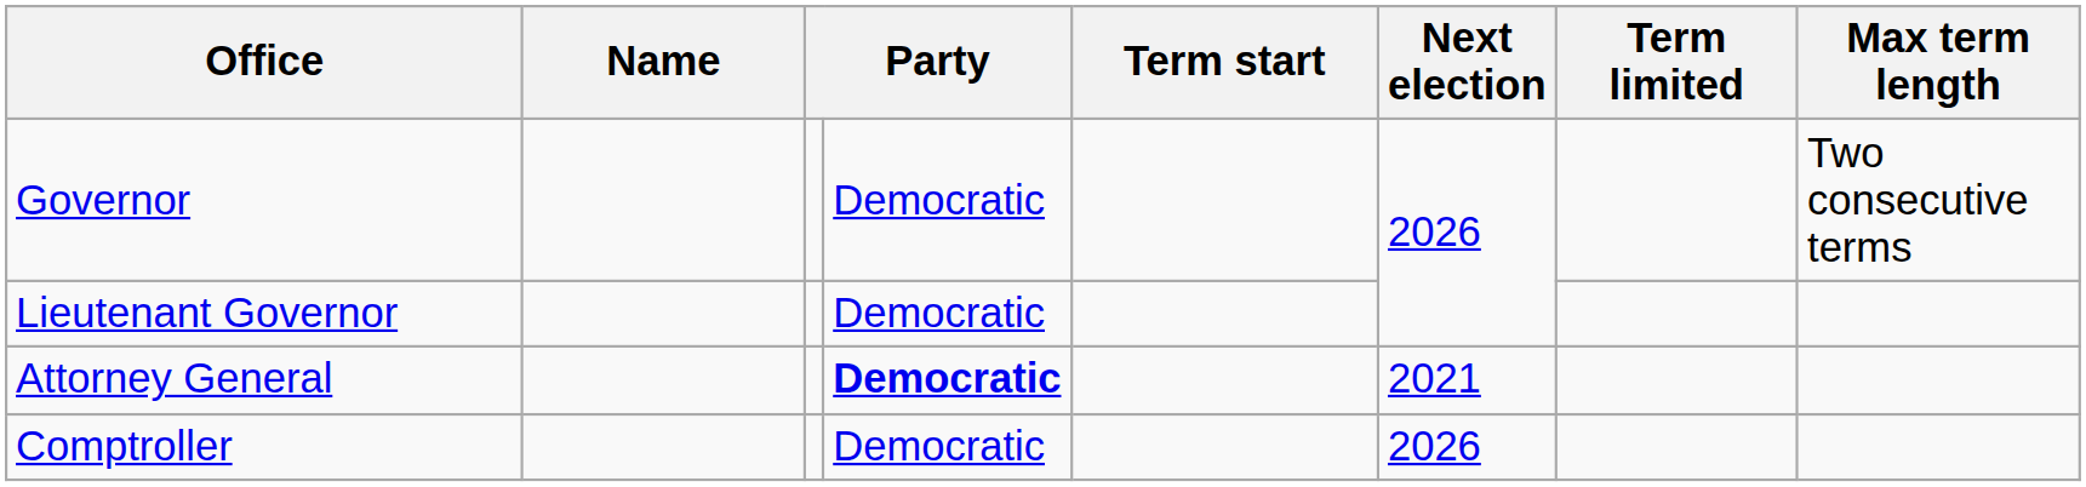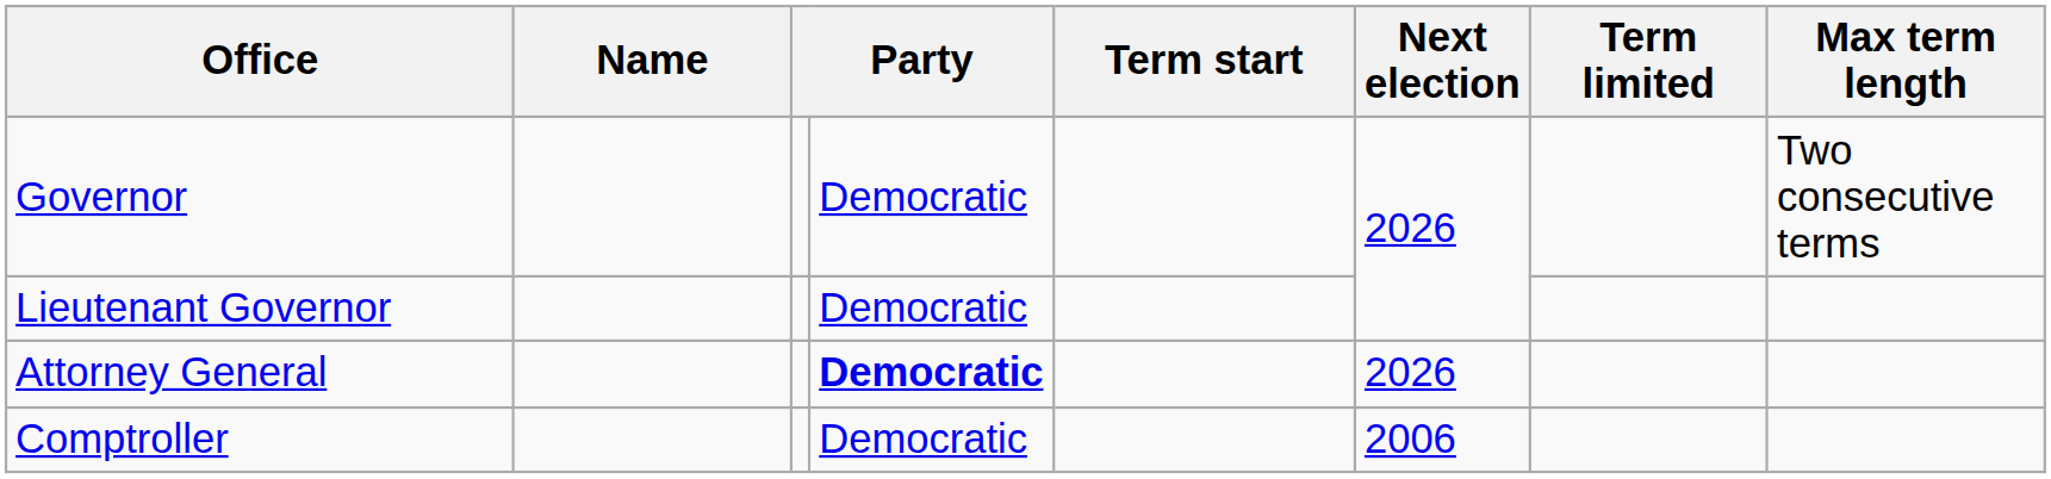 <table class="sortable wikitable">
 <tr>
 <th scope="col" width=190>Office</th>
 <th scope="col" width=100>Name</th>
 <th scope="col" width=75 colspan=2>Party</th>
 <th scope="col" width=110>Term start</th>
 <th scope="col" width=50>Next election</th>
 <th scope="col" width=85>Term limited</th>
 <th scope="col" width=100>Max term length</th>
 </tr>
 <tr>
 <td><a href='#'>Governor</a></td>
 <td></td>
 <td style="background-color:"></td>
 <td><a href='#'>Democratic</a></td>
 <td></td>
 <td rowspan=2><a href='#'>2026</a></td>
 <td></td>
 <td>Two consecutive terms</td>
 </tr>
 <tr>
 <td><a href='#'>Lieutenant Governor</a></td>
 <td></td>
 <td style="background-color:"></td>
 <td><a href='#'>Democratic</a></td>
 <td></td>
 <td></td>
 <td></td>
 </tr>
 <tr>
 <td><a href='#'>Attorney General</a></td>
 <td></td>
 <td style="background-color:"></td>
 <td><strong><a href='#'>Democratic</a></strong></td>
 <td></td>
-<td><a href='#'>2021</a></td>
+<td><a href='#'>2026</a></td>
 <td></td>
 <td></td>
 </tr>
 <tr>
 <td><a href='#'>Comptroller</a></td>
 <td></td>
 <td style="background-color:"></td>
 <td><a href='#'>Democratic</a></td>
 <td></td>
-<td><a href='#'>2026</a></td>
+<td><a href='#'>2006</a></td>
 <td></td>
 <td></td>
 </tr>
 </table>
